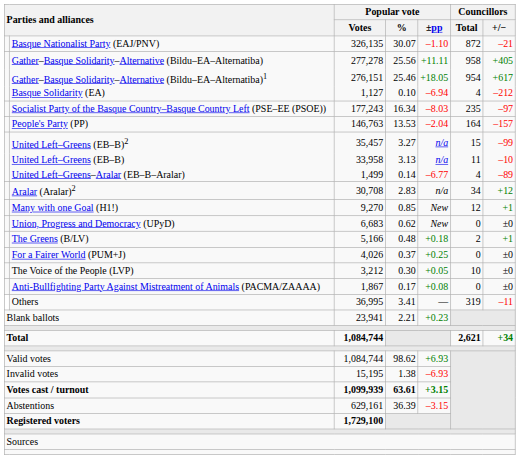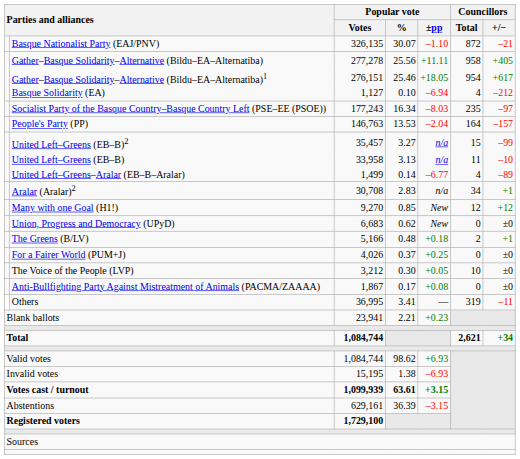 <table class="wikitable" style="text-align:right;">
 <tr>
 <th style="text-align:left;" rowspan="2" colspan="2" width="525">Parties and alliances</th>
 <th colspan="3">Popular vote</th>
 <th colspan="2">Councillors</th>
 </tr>
 <tr>
 <th width="75">Votes</th>
 <th width="45">%</th>
 <th width="45">±<a href='#'>pp</a></th>
 <th width="45">Total</th>
 <th width="45">+/−</th>
 </tr>
 <tr>
 <td width="1" style="color:inherit;background:"></td>
 <td align="left"><a href='#'>Basque Nationalist Party</a> (EAJ/PNV)</td>
 <td>326,135</td>
 <td>30.07</td>
 <td style="color:red;">–1.10</td>
 <td>872</td>
 <td style="color:red;">–21</td>
 </tr>
 <tr style="line-height:22px;">
 <td rowspan="3" style="color:inherit;background:"></td>
 <td align="left"><a href='#'>Gather</a>–<a href='#'>Basque Solidarity</a>–<a href='#'>Alternative</a> (Bildu–EA–Alternatiba)</td>
 <td>277,278</td>
 <td>25.56</td>
 <td style="color:green;">+11.11</td>
 <td>958</td>
 <td style="color:green;">+405</td>
 </tr>
 <tr style="border-bottom-style:hidden; border-top-style:hidden; line-height:16px;">
 <td align="left"><span><a href='#'>Gather</a>–<a href='#'>Basque Solidarity</a>–<a href='#'>Alternative</a> (Bildu–EA–Alternatiba)<sup>1</sup></span></td>
 <td>276,151</td>
 <td>25.46</td>
 <td style="color:green;">+18.05</td>
 <td>954</td>
 <td style="color:green;">+617</td>
 </tr>
 <tr style="line-height:16px;">
 <td align="left"><span><a href='#'>Basque Solidarity</a> (EA)</span></td>
 <td>1,127</td>
 <td>0.10</td>
 <td style="color:red;">–6.94</td>
 <td>4</td>
 <td style="color:red;">–212</td>
 </tr>
 <tr>
 <td style="color:inherit;background:"></td>
 <td align="left"><a href='#'>Socialist Party of the Basque Country–Basque Country Left</a> (PSE–EE (PSOE))</td>
 <td>177,243</td>
 <td>16.34</td>
 <td style="color:red;">–8.03</td>
 <td>235</td>
 <td style="color:red;">–97</td>
 </tr>
 <tr>
 <td style="color:inherit;background:"></td>
 <td align="left"><a href='#'>People's Party</a> (PP)</td>
 <td>146,763</td>
 <td>13.53</td>
 <td style="color:red;">–2.04</td>
 <td>164</td>
 <td style="color:red;">–157</td>
 </tr>
 <tr style="line-height:22px;">
 <td rowspan="3" style="color:inherit;background:"></td>
 <td align="left"><a href='#'>United Left–Greens</a> (EB–B)<sup>2</sup></td>
 <td>35,457</td>
 <td>3.27</td>
 <td><em><a href='#'>n/a</a></em></td>
 <td>15</td>
 <td style="color:red;">–99</td>
 </tr>
 <tr style="border-bottom-style:hidden; border-top-style:hidden; line-height:16px;">
 <td align="left"><span><a href='#'>United Left–Greens</a> (EB–B)</span></td>
 <td>33,958</td>
 <td>3.13</td>
 <td><em><a href='#'>n/a</a></em></td>
 <td>11</td>
 <td style="color:red;">–10</td>
 </tr>
 <tr style="line-height:16px;">
 <td align="left"><span><a href='#'>United Left–Greens</a>–<a href='#'>Aralar</a> (EB–B–Aralar)</span></td>
 <td>1,499</td>
 <td>0.14</td>
 <td style="color:red;">–6.77</td>
 <td>4</td>
 <td style="color:red;">–89</td>
 </tr>
 <tr>
 <td style="color:inherit;background:"></td>
 <td align="left"><a href='#'>Aralar</a> (Aralar)<sup>2</sup></td>
 <td>30,708</td>
 <td>2.83</td>
 <td><em>n/a</em></td>
 <td>34</td>
-<td style="color:green;">+12</td>
+<td style="color:green;">+1</td>
 </tr>
 <tr>
 <td style="color:inherit;background:"></td>
 <td align="left"><a href='#'>Many with one Goal</a> (H1!)</td>
 <td>9,270</td>
 <td>0.85</td>
 <td><em>New</em></td>
 <td>12</td>
-<td style="color:green;">+1</td>
+<td style="color:green;">+12</td>
 </tr>
 <tr>
 <td style="color:inherit;background:"></td>
 <td align="left"><a href='#'>Union, Progress and Democracy</a> (UPyD)</td>
 <td>6,683</td>
 <td>0.62</td>
 <td><em>New</em></td>
 <td>0</td>
 <td>±0</td>
 </tr>
 <tr>
 <td style="color:inherit;background:"></td>
 <td align="left"><a href='#'>The Greens</a> (B/LV)</td>
 <td>5,166</td>
 <td>0.48</td>
 <td style="color:green;">+0.18</td>
 <td>2</td>
 <td style="color:green;">+1</td>
 </tr>
 <tr>
 <td style="color:inherit;background:"></td>
 <td align="left"><a href='#'>For a Fairer World</a> (PUM+J)</td>
 <td>4,026</td>
 <td>0.37</td>
 <td style="color:green;">+0.25</td>
 <td>0</td>
 <td>±0</td>
 </tr>
 <tr>
 <td style="color:inherit;background:"></td>
 <td align="left">The Voice of the People (LVP)</td>
 <td>3,212</td>
 <td>0.30</td>
 <td style="color:green;">+0.05</td>
 <td>10</td>
 <td>±0</td>
 </tr>
 <tr>
 <td style="color:inherit;background:"></td>
 <td align="left"><a href='#'>Anti-Bullfighting Party Against Mistreatment of Animals</a> (PACMA/ZAAAA)</td>
 <td>1,867</td>
 <td>0.17</td>
 <td style="color:green;">+0.08</td>
 <td>0</td>
 <td>±0</td>
 </tr>
 <tr>
 <td bgcolor="white"></td>
 <td align="left">Others</td>
 <td>36,995</td>
 <td>3.41</td>
 <td>—</td>
 <td>319</td>
 <td style="color:red;">–11</td>
 </tr>
 <tr>
 <td align="left" colspan="2">Blank ballots</td>
 <td>23,941</td>
 <td>2.21</td>
 <td style="color:green;">+0.23</td>
 <td bgcolor="#E9E9E9" colspan="2"></td>
 </tr>
 <tr>
 <td colspan="7" bgcolor="#E9E9E9"></td>
 </tr>
 <tr style="font-weight:bold;">
 <td align="left" colspan="2">Total</td>
 <td>1,084,744</td>
 <td bgcolor="#E9E9E9" colspan="2"></td>
 <td>2,621</td>
 <td style="color:green;">+34</td>
 </tr>
 <tr>
 <td colspan="7" bgcolor="#E9E9E9"></td>
 </tr>
 <tr>
 <td align="left" colspan="2">Valid votes</td>
 <td>1,084,744</td>
 <td>98.62</td>
 <td style="color:green;">+6.93</td>
 <td bgcolor="#E9E9E9" colspan="2" rowspan="5"></td>
 </tr>
 <tr>
 <td align="left" colspan="2">Invalid votes</td>
 <td>15,195</td>
 <td>1.38</td>
 <td style="color:red;">–6.93</td>
 </tr>
 <tr style="font-weight:bold;">
 <td align="left" colspan="2">Votes cast / turnout</td>
 <td>1,099,939</td>
 <td>63.61</td>
 <td style="color:green;">+3.15</td>
 </tr>
 <tr>
 <td align="left" colspan="2">Abstentions</td>
 <td>629,161</td>
 <td>36.39</td>
 <td style="color:red;">–3.15</td>
 </tr>
 <tr style="font-weight:bold;">
 <td align="left" colspan="2">Registered voters</td>
 <td>1,729,100</td>
 <td bgcolor="#E9E9E9" colspan="2"></td>
 </tr>
 <tr>
 <td colspan="7" bgcolor="#E9E9E9"></td>
 </tr>
 <tr>
 <td align="left" colspan="7">Sources</td>
 </tr>
 <tr>
 <td colspan="7" style="text-align:left; max-width:790px;"></td>
 </tr>
 </table>
